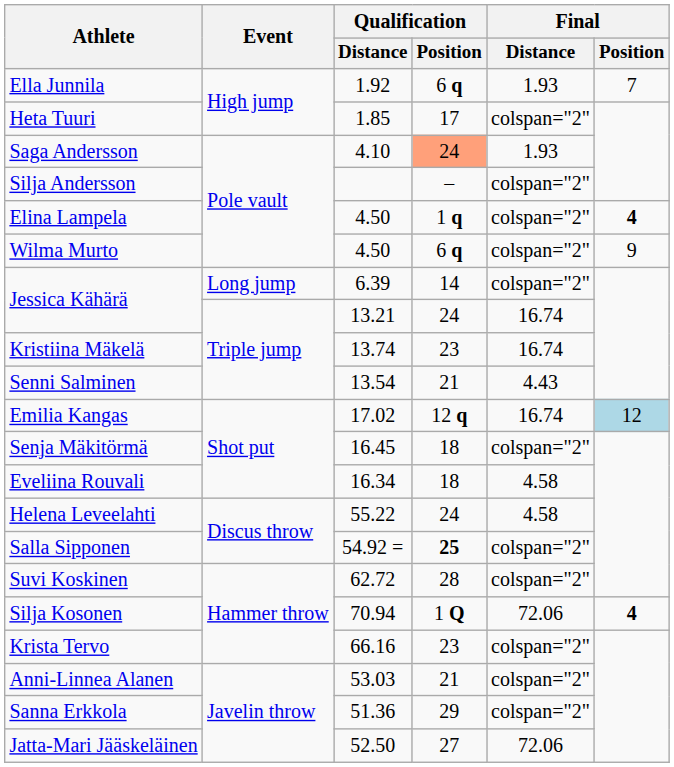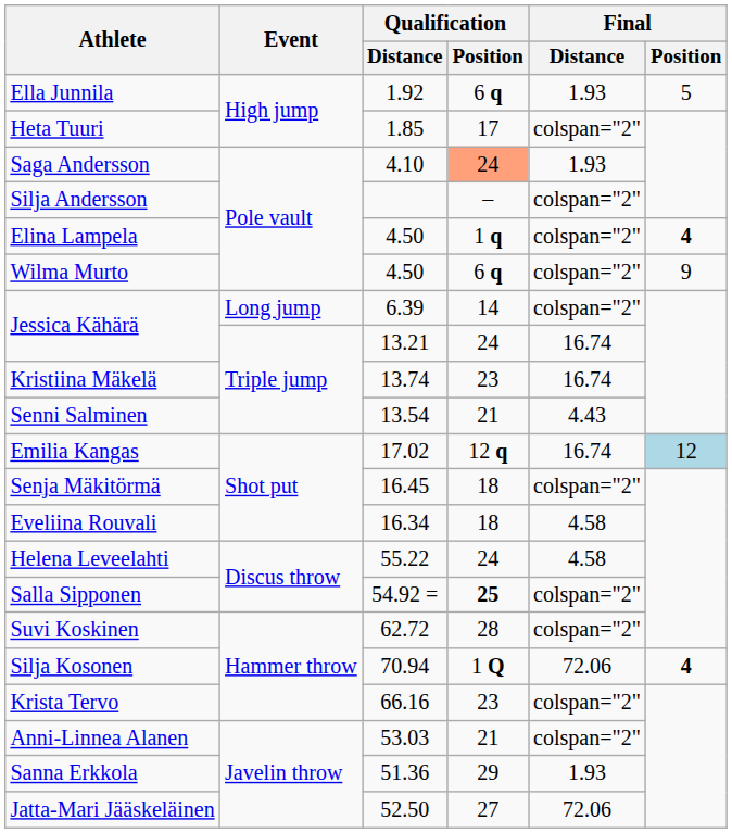 <table class="wikitable" style="font-size:90%">
 <tr>
 <th rowspan="2">Athlete</th>
 <th rowspan="2">Event</th>
 <th colspan="2">Qualification</th>
 <th colspan="2">Final</th>
 </tr>
 <tr style="font-size:95%">
 <th>Distance</th>
 <th>Position</th>
 <th>Distance</th>
 <th>Position</th>
 </tr>
 <tr align="center">
 <td align="left"><a href='#'>Ella Junnila</a></td>
 <td rowspan="2" align="left"><a href='#'>High jump</a></td>
 <td>1.92 </td>
 <td>6 <strong>q</strong></td>
 <td>1.93 </td>
-<td>7</td>
+<td>5</td>
 </tr>
 <tr align="center">
 <td align="left"><a href='#'>Heta Tuuri</a></td>
 <td>1.85</td>
 <td>17</td>
 <td>colspan="2" </td>
 </tr>
 <tr align="center">
 <td align="left"><a href='#'>Saga Andersson</a></td>
 <td rowspan="4" align="left"><a href='#'>Pole vault</a></td>
 <td>4.10</td>
 <td style="background: lightsalmon;">24</td>
 <td>1.93 </td>
 </tr>
 <tr align="center">
 <td align="left"><a href='#'>Silja Andersson</a></td>
 <td></td>
 <td>–</td>
 <td>colspan="2" </td>
 </tr>
 <tr align="center">
 <td align="left"><a href='#'>Elina Lampela</a></td>
 <td>4.50</td>
 <td>1 <strong>q</strong></td>
 <td>colspan="2" </td>
 <td><strong>4</strong></td>
 </tr>
 <tr align="center">
 <td align="left"><a href='#'>Wilma Murto</a></td>
 <td>4.50</td>
 <td>6 <strong>q</strong></td>
 <td>colspan="2" </td>
 <td>9</td>
 </tr>
 <tr align="center">
 <td rowspan="2" align="left"><a href='#'>Jessica Kähärä</a></td>
 <td align="left"><a href='#'>Long jump</a></td>
 <td>6.39</td>
 <td>14</td>
 <td>colspan="2" </td>
 </tr>
 <tr align="center">
 <td rowspan="3" align="left"><a href='#'>Triple jump</a></td>
 <td>13.21</td>
 <td>24</td>
 <td>16.74</td>
 </tr>
 <tr align="center">
 <td align="left"><a href='#'>Kristiina Mäkelä</a></td>
 <td>13.74</td>
 <td>23</td>
 <td>16.74</td>
 </tr>
 <tr align="center">
 <td align="left"><a href='#'>Senni Salminen</a></td>
 <td>13.54</td>
 <td>21</td>
 <td>4.43</td>
 </tr>
 <tr align="center">
 <td align="left"><a href='#'>Emilia Kangas</a></td>
 <td rowspan="3" align="left"><a href='#'>Shot put</a></td>
 <td>17.02</td>
 <td>12 <strong>q</strong></td>
 <td>16.74</td>
 <td style="background: lightblue;">12</td>
 </tr>
 <tr align="center">
 <td align="left"><a href='#'>Senja Mäkitörmä</a></td>
 <td>16.45</td>
 <td>18</td>
 <td>colspan="2" </td>
 </tr>
 <tr align="center">
 <td align="left"><a href='#'>Eveliina Rouvali</a></td>
 <td>16.34</td>
 <td>18</td>
 <td>4.58</td>
 </tr>
 <tr align="center">
 <td align="left"><a href='#'>Helena Leveelahti</a></td>
 <td rowspan="2" align="left"><a href='#'>Discus throw</a></td>
 <td>55.22</td>
 <td>24</td>
 <td>4.58</td>
 </tr>
 <tr align="center">
 <td align="left"><a href='#'>Salla Sipponen</a></td>
 <td>54.92 =</td>
 <td><strong>25</strong></td>
 <td>colspan="2" </td>
 </tr>
 <tr align="center">
 <td align="left"><a href='#'>Suvi Koskinen</a></td>
 <td rowspan="3" align="left"><a href='#'>Hammer throw</a></td>
 <td>62.72</td>
 <td>28</td>
 <td>colspan="2" </td>
 </tr>
 <tr align="center">
 <td align="left"><a href='#'>Silja Kosonen</a></td>
 <td>70.94</td>
 <td>1 <strong>Q</strong></td>
 <td>72.06</td>
 <td><strong>4</strong></td>
 </tr>
 <tr align="center">
 <td align="left"><a href='#'>Krista Tervo</a></td>
 <td>66.16</td>
 <td>23</td>
 <td>colspan="2" </td>
 </tr>
 <tr align="center">
 <td align="left"><a href='#'>Anni-Linnea Alanen</a></td>
 <td rowspan="3" align="left"><a href='#'>Javelin throw</a></td>
 <td>53.03</td>
 <td>21</td>
 <td>colspan="2" </td>
 </tr>
 <tr align="center">
 <td align="left"><a href='#'>Sanna Erkkola</a></td>
 <td>51.36</td>
 <td>29</td>
-<td>colspan="2" </td>
+<td>1.93 </td>
 </tr>
 <tr align="center">
 <td align="left"><a href='#'>Jatta-Mari Jääskeläinen</a></td>
 <td>52.50</td>
 <td>27</td>
 <td>72.06</td>
 </tr>
 </table>
